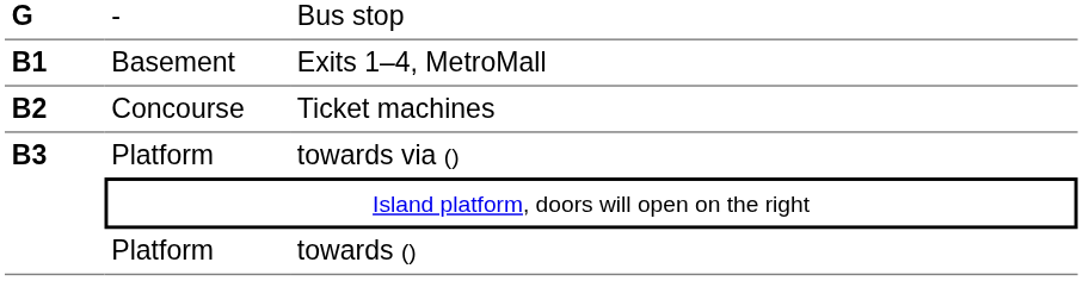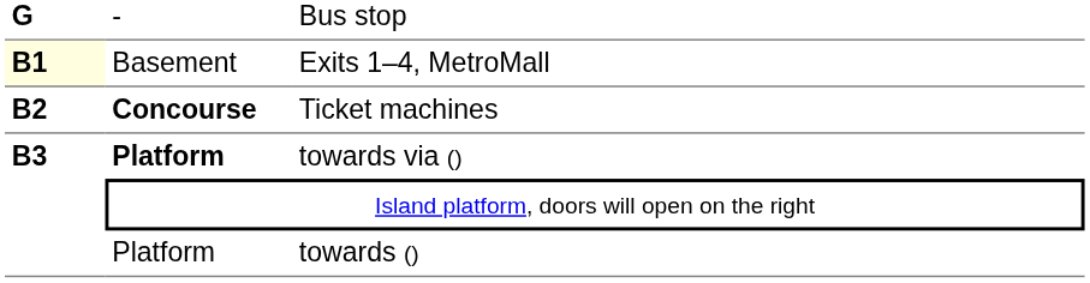 <table table border=0 cellspacing=0 cellpadding=4>
 <tr>
 <td style = "border-bottom:solid 1px gray;" rowspan=1 valign=top><strong>G</strong></td>
 <td style = "border-bottom:solid 1px gray;" valign=top>-</td>
 <td style = "border-bottom:solid 1px gray;" valign=top>Bus stop</td>
 </tr>
 <tr>
-<td style = "border-bottom:solid 1px gray;" rowspan=1 valign=top><strong>B1</strong></td>
+<td style = "background: lightyellow; border-bottom:solid 1px gray;" rowspan=1 valign=top><strong>B1</strong></td>
 <td style = "border-bottom:solid 1px gray;" valign=top>Basement</td>
 <td style = "border-bottom:solid 1px gray;" valign=top>Exits 1–4, MetroMall</td>
 </tr>
 <tr>
 <td style = "border-bottom:solid 1px gray;" rowspan=1 valign=top><strong>B2</strong></td>
-<td style = "border-bottom:solid 1px gray;" valign=top>Concourse</td>
+<td style = "border-bottom:solid 1px gray;" valign=top><strong>Concourse</strong></td>
 <td style = "border-bottom:solid 1px gray;" valign=top>Ticket machines</td>
 </tr>
 <tr>
 <td style="border-bottom:solid 1px gray;" rowspan=3 valign=top width=50><strong>B3</strong></td>
-<td width=100>Platform </td>
+<td width=100><strong>Platform </strong></td>
 <td width=450> towards  via  <small>()</small></td>
 </tr>
 <tr>
 <td style = "border-top:solid 2px black;border-right:solid 2px black;border-left:solid 2px black;border-bottom:solid 2px black; text-align:center;" colspan=2><small><a href='#'>Island platform</a>, doors will open on the right</small></td>
 </tr>
 <tr>
 <td style="border-bottom:solid 1px gray;" width=100>Platform </td>
 <td style="border-bottom:solid 1px gray;" width=450> towards  <small>()</small></td>
 </tr>
 </table>
